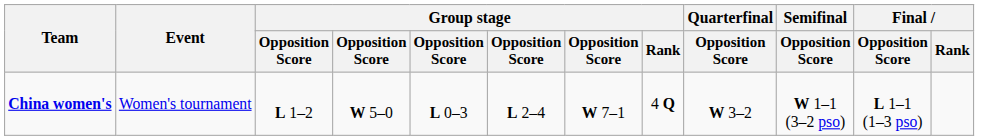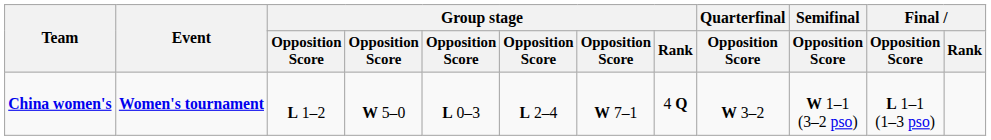 <table class=wikitable style=font-size:90%;text-align:center>
 <tr>
 <th rowspan=2>Team</th>
 <th rowspan=2>Event</th>
 <th colspan=6>Group stage</th>
 <th>Quarterfinal</th>
 <th>Semifinal</th>
 <th colspan=2>Final / </th>
 </tr>
 <tr style=font-size:95%>
 <th>Opposition<br>Score</th>
 <th>Opposition<br>Score</th>
 <th>Opposition<br>Score</th>
 <th>Opposition<br>Score</th>
 <th>Opposition<br>Score</th>
 <th>Rank</th>
 <th>Opposition<br>Score</th>
 <th>Opposition<br>Score</th>
 <th>Opposition<br>Score</th>
 <th>Rank</th>
 </tr>
 <tr>
 <td align=left><strong><a href='#'>China women's</a></strong></td>
-<td align=left><a href='#'>Women's tournament</a></td>
+<td align=left><strong><a href='#'>Women's tournament</a></strong></td>
 <td><br><strong>L</strong> 1–2</td>
 <td><br><strong>W</strong> 5–0</td>
 <td><br><strong>L</strong> 0–3</td>
 <td><br><strong>L</strong> 2–4</td>
 <td><br><strong>W</strong> 7–1</td>
 <td>4 <strong>Q</strong></td>
 <td><br><strong>W</strong> 3–2</td>
 <td><br><strong>W</strong> 1–1<br>(3–2 <a href='#'>pso</a>)</td>
 <td><br><strong>L</strong> 1–1<br>(1–3 <a href='#'>pso</a>)</td>
 <td></td>
 </tr>
 </table>
